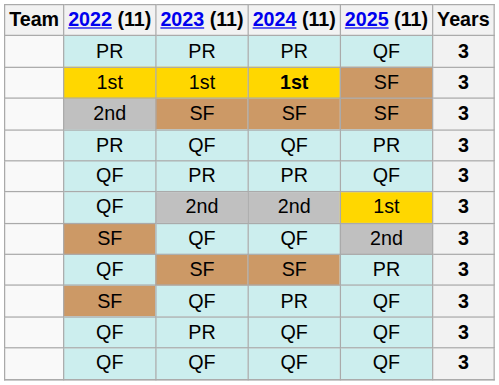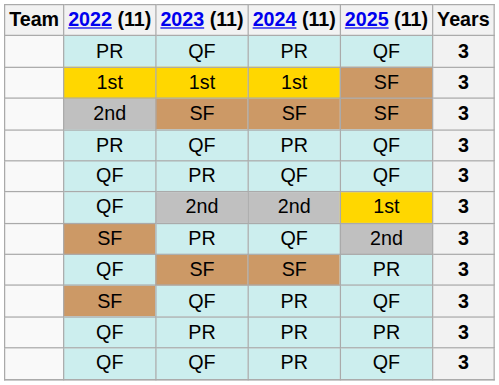 <table class="wikitable sortable" style="text-align:center">
 <tr>
 <th>Team</th>
 <th><a href='#'>2022</a> (11)</th>
 <th><a href='#'>2023</a> (11)</th>
 <th><a href='#'>2024</a> (11)</th>
 <th><a href='#'>2025</a> (11)</th>
 <th>Years</th>
 </tr>
 <tr>
 <td style="text-align:left;"> </td>
 <td bgcolor="#cceeee">PR</td>
-<td bgcolor="#cceeee">PR</td>
+<td bgcolor="#cceeee">QF</td>
 <td bgcolor="#cceeee">PR</td>
 <td bgcolor="#cceeee">QF</td>
 <th>3</th>
 </tr>
 <tr>
 <td style="text-align:left"> </td>
 <td bgcolor="gold">1st</td>
 <td bgcolor="gold">1st</td>
-<td bgcolor="gold"><strong>1st</strong></td>
+<td bgcolor="gold">1st</td>
 <td bgcolor="#cc9966">SF</td>
 <th>3</th>
 </tr>
 <tr>
 <td style="text-align:left"> </td>
 <td bgcolor="silver">2nd</td>
 <td bgcolor="#cc9966">SF</td>
 <td bgcolor="#cc9966">SF</td>
 <td bgcolor="#cc9966">SF</td>
 <th>3</th>
 </tr>
 <tr>
 <td style="text-align:left"> </td>
 <td bgcolor="#cceeee">PR</td>
 <td bgcolor="#cceeee">QF</td>
+<td bgcolor="#cceeee">PR</td>
 <td bgcolor="#cceeee">QF</td>
-<td bgcolor="#cceeee">PR</td>
 <th>3</th>
 </tr>
 <tr>
 <td style="text-align:left"> </td>
 <td bgcolor="#cceeee">QF</td>
 <td bgcolor="#cceeee">PR</td>
-<td bgcolor="#cceeee">PR</td>
+<td bgcolor="#cceeee">QF</td>
 <td bgcolor="#cceeee">QF</td>
 <th>3</th>
 </tr>
 <tr>
 <td style="text-align:left"> </td>
 <td bgcolor="#cceeee">QF</td>
 <td bgcolor="silver">2nd</td>
 <td bgcolor="silver">2nd</td>
 <td bgcolor="gold">1st</td>
 <th>3</th>
 </tr>
 <tr>
 <td style="text-align:left"> </td>
 <td bgcolor="#cc9966">SF</td>
-<td bgcolor="#cceeee">QF</td>
+<td bgcolor="#cceeee">PR</td>
 <td bgcolor="#cceeee">QF</td>
 <td bgcolor="silver">2nd</td>
 <th>3</th>
 </tr>
 <tr>
 <td style="text-align:left"> </td>
 <td bgcolor="#cceeee">QF</td>
 <td bgcolor="#cc9966">SF</td>
 <td bgcolor="#cc9966">SF</td>
 <td bgcolor="#cceeee">PR</td>
 <th>3</th>
 </tr>
 <tr>
 <td style="text-align:left"> </td>
 <td bgcolor="#cc9966">SF</td>
 <td bgcolor="#cceeee">QF</td>
 <td bgcolor="#cceeee">PR</td>
 <td bgcolor="#cceeee">QF</td>
 <th>3</th>
 </tr>
 <tr>
 <td style="text-align:left"> </td>
 <td bgcolor="#cceeee">QF</td>
 <td bgcolor="#cceeee">PR</td>
-<td bgcolor="#cceeee">QF</td>
-<td bgcolor="#cceeee">QF</td>
+<td bgcolor="#cceeee">PR</td>
+<td bgcolor="#cceeee">PR</td>
 <th>3</th>
 </tr>
 <tr>
 <td style="text-align:left"> </td>
 <td bgcolor="#cceeee">QF</td>
 <td bgcolor="#cceeee">QF</td>
-<td bgcolor="#cceeee">QF</td>
+<td bgcolor="#cceeee">PR</td>
 <td bgcolor="#cceeee">QF</td>
 <th>3</th>
 </tr>
 <tr>
 </tr>
 </table>
